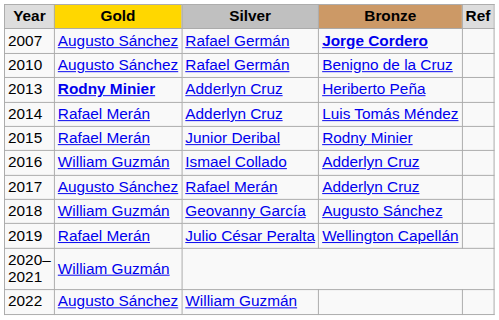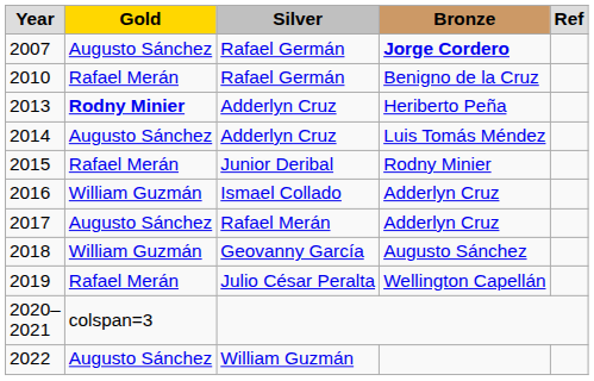 <table class="wikitable" style="text-align:left;">
 <tr>
 <td style="background:#DDDDDD; font-weight:bold; text-align:center;">Year</td>
 <td style="background:gold; font-weight:bold; text-align:center;">Gold</td>
 <td style="background:silver; font-weight:bold; text-align:center;">Silver</td>
 <td style="background:#cc9966; font-weight:bold; text-align:center;">Bronze</td>
 <td style="background:#DDDDDD; font-weight:bold; text-align:center;">Ref</td>
 </tr>
 <tr>
 <td>2007</td>
 <td><a href='#'>Augusto Sánchez</a></td>
 <td><a href='#'>Rafael Germán</a></td>
 <td><strong><a href='#'>Jorge Cordero</a></strong></td>
 <td></td>
 </tr>
 <tr>
 <td>2010</td>
-<td><a href='#'>Augusto Sánchez</a></td>
+<td><a href='#'>Rafael Merán</a></td>
 <td><a href='#'>Rafael Germán</a></td>
 <td><a href='#'>Benigno de la Cruz</a></td>
 <td></td>
 </tr>
 <tr>
 <td>2013</td>
 <td><strong><a href='#'>Rodny Minier</a></strong></td>
 <td><a href='#'>Adderlyn Cruz</a></td>
 <td><a href='#'>Heriberto Peña</a></td>
 <td></td>
 </tr>
 <tr>
 <td>2014</td>
-<td><a href='#'>Rafael Merán</a></td>
+<td><a href='#'>Augusto Sánchez</a></td>
 <td><a href='#'>Adderlyn Cruz</a></td>
 <td><a href='#'>Luis Tomás Méndez</a></td>
 <td></td>
 </tr>
 <tr>
 <td>2015</td>
 <td><a href='#'>Rafael Merán</a></td>
 <td><a href='#'>Junior Deribal</a></td>
 <td><a href='#'>Rodny Minier</a></td>
 <td></td>
 </tr>
 <tr>
 <td>2016</td>
 <td><a href='#'>William Guzmán</a></td>
 <td><a href='#'>Ismael Collado</a></td>
 <td><a href='#'>Adderlyn Cruz</a></td>
 <td></td>
 </tr>
 <tr>
 <td>2017</td>
 <td><a href='#'>Augusto Sánchez</a></td>
 <td><a href='#'>Rafael Merán</a></td>
 <td><a href='#'>Adderlyn Cruz</a></td>
 <td></td>
 </tr>
 <tr>
 <td>2018</td>
 <td><a href='#'>William Guzmán</a></td>
 <td><a href='#'>Geovanny García</a></td>
 <td><a href='#'>Augusto Sánchez</a></td>
 <td></td>
 </tr>
 <tr>
 <td>2019</td>
 <td><a href='#'>Rafael Merán</a></td>
 <td><a href='#'>Julio César Peralta</a></td>
 <td><a href='#'>Wellington Capellán</a></td>
 <td></td>
 </tr>
 <tr>
 <td>2020–<br>2021</td>
-<td><a href='#'>William Guzmán</a></td>
+<td>colspan=3 </td>
 </tr>
 <tr>
 <td>2022</td>
 <td><a href='#'>Augusto Sánchez</a></td>
 <td><a href='#'>William Guzmán</a></td>
 <td></td>
 <td></td>
 </tr>
 </table>
